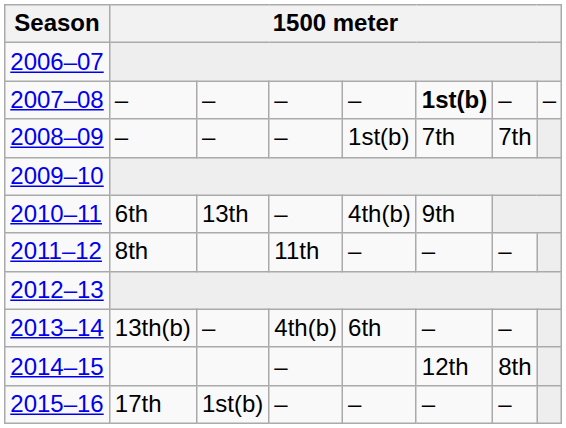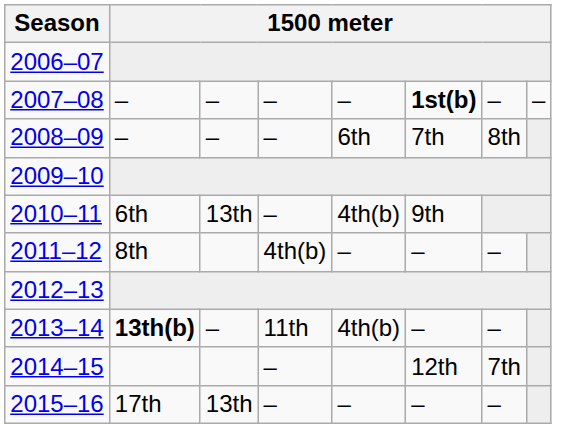 <table class="wikitable" style="display: inline-table;">
 <tr>
 <th>Season</th>
 <th colspan="7">1500 meter</th>
 </tr>
 <tr>
 <td><a href='#'>2006–07</a></td>
 <td colspan="7" bgcolor=#EEEEEE></td>
 </tr>
 <tr>
 <td><a href='#'>2007–08</a></td>
 <td>–</td>
 <td>–</td>
 <td>–</td>
 <td>–</td>
 <td><strong>1st(b)</strong></td>
 <td>–</td>
 <td>–</td>
 </tr>
 <tr>
 <td><a href='#'>2008–09</a></td>
 <td>–</td>
 <td>–</td>
 <td>–</td>
-<td>1st(b)</td>
+<td>6th</td>
 <td>7th</td>
-<td>7th</td>
+<td>8th</td>
 <td colspan="1" bgcolor=#EEEEEE></td>
 </tr>
 <tr>
 <td><a href='#'>2009–10</a></td>
 <td colspan="7" bgcolor=#EEEEEE></td>
 </tr>
 <tr>
 <td><a href='#'>2010–11</a></td>
 <td>6th</td>
 <td>13th</td>
 <td>–</td>
 <td>4th(b)</td>
 <td>9th</td>
 <td 12th colspan="2" bgcolor=#EEEEEE></td>
 </tr>
 <tr>
 <td><a href='#'>2011–12</a></td>
 <td>8th</td>
 <td></td>
-<td>11th</td>
+<td>4th(b)</td>
 <td>–</td>
 <td>–</td>
 <td>–</td>
 <td colspan="1" bgcolor=#EEEEEE></td>
 </tr>
 <tr>
 <td><a href='#'>2012–13</a></td>
 <td colspan="7" bgcolor=#EEEEEE></td>
 </tr>
 <tr>
 <td><a href='#'>2013–14</a></td>
-<td>13th(b)</td>
+<td><strong>13th(b)</strong></td>
 <td>–</td>
+<td>11th</td>
 <td>4th(b)</td>
-<td>6th</td>
 <td>–</td>
 <td>–</td>
 <td colspan="1" bgcolor=#EEEEEE></td>
 </tr>
 <tr>
 <td><a href='#'>2014–15</a></td>
 <td></td>
 <td></td>
 <td>–</td>
 <td></td>
 <td>12th</td>
-<td>8th</td>
+<td>7th</td>
 <td colspan="1" bgcolor=#EEEEEE></td>
 </tr>
 <tr>
 <td><a href='#'>2015–16</a></td>
 <td>17th</td>
-<td>1st(b)</td>
+<td>13th</td>
 <td>–</td>
 <td>–</td>
 <td>–</td>
 <td>–</td>
 <td colspan="1" bgcolor=#EEEEEE></td>
 </tr>
 </table>
